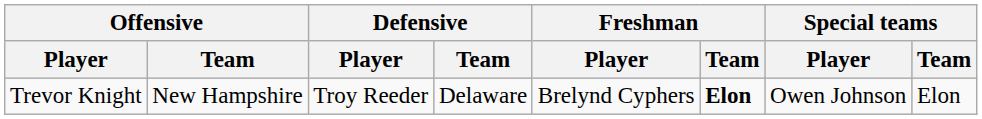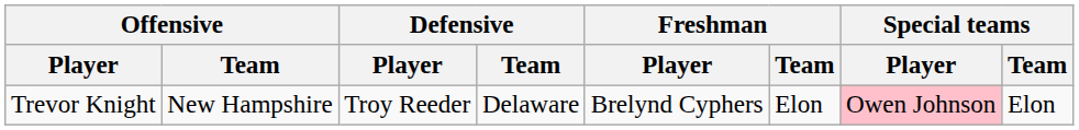 <table class="wikitable" border="1">
 <tr>
 <th colspan="2">Offensive</th>
 <th colspan="2">Defensive</th>
 <th colspan="2">Freshman</th>
 <th colspan="2">Special teams</th>
 </tr>
 <tr>
 <th>Player</th>
 <th>Team</th>
 <th>Player</th>
 <th>Team</th>
 <th>Player</th>
 <th>Team</th>
 <th>Player</th>
 <th>Team</th>
 </tr>
 <tr>
 <td>Trevor Knight</td>
 <td>New Hampshire</td>
 <td>Troy Reeder</td>
 <td>Delaware</td>
 <td>Brelynd Cyphers</td>
-<td><strong>Elon</strong></td>
-<td>Owen Johnson</td>
+<td>Elon</td>
+<td style="background: pink;">Owen Johnson</td>
 <td>Elon</td>
 </tr>
 </table>
